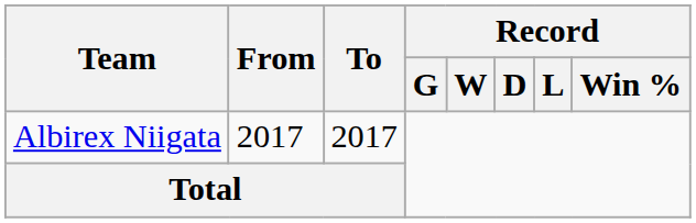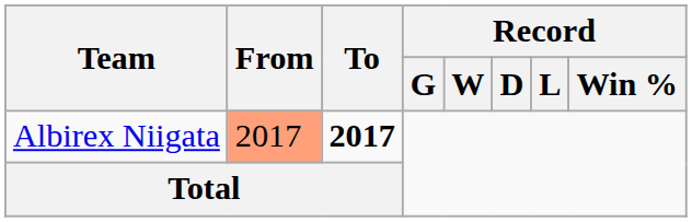 <table class="wikitable" style="text-align: center">
 <tr>
 <th rowspan="2">Team</th>
 <th rowspan="2">From</th>
 <th rowspan="2">To</th>
 <th colspan="5">Record</th>
 </tr>
 <tr>
 <th>G</th>
 <th>W</th>
 <th>D</th>
 <th>L</th>
 <th>Win %</th>
 </tr>
 <tr>
 <td align="left"><a href='#'>Albirex Niigata</a></td>
-<td align="left">2017</td>
-<td align="left">2017<br></td>
+<td align="left" style="background: lightsalmon;">2017</td>
+<td align="left"><strong>2017<br></strong></td>
 </tr>
 <tr>
 <th colspan="3">Total<br></th>
 </tr>
 </table>
